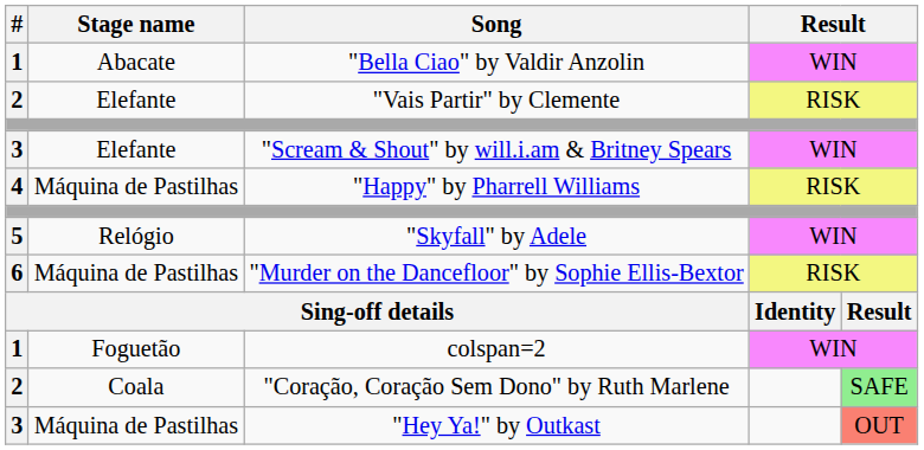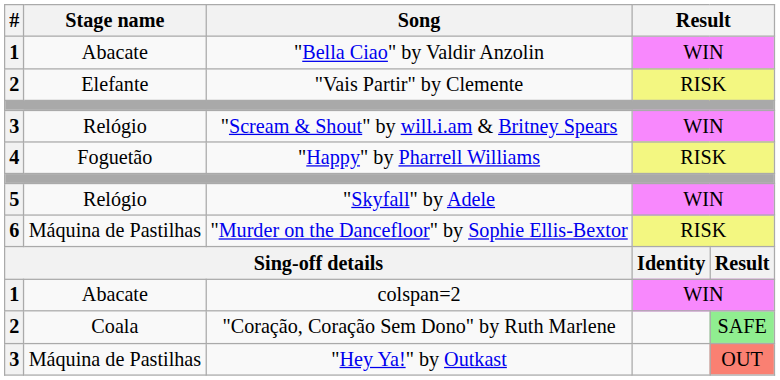 <table class="wikitable plainrowheaders" style="text-align: center;">
 <tr>
 <th>#</th>
 <th>Stage name</th>
 <th>Song</th>
 <th colspan=2>Result</th>
 </tr>
 <tr>
 <th>1</th>
 <td>Abacate</td>
 <td>"<a href='#'>Bella Ciao</a>" by Valdir Anzolin</td>
 <td colspan=2 bgcolor="#F888FD">WIN</td>
 </tr>
 <tr>
 <th>2</th>
 <td>Elefante</td>
 <td>"Vais Partir" by Clemente</td>
 <td colspan=2 bgcolor="#F3F781">RISK</td>
 </tr>
 <tr>
 <td colspan="5" style="background:darkgray"></td>
 </tr>
 <tr>
 <th>3</th>
-<td>Elefante</td>
+<td>Relógio</td>
 <td>"<a href='#'>Scream & Shout</a>" by <a href='#'>will.i.am</a> & <a href='#'>Britney Spears</a></td>
 <td colspan=2 bgcolor="#F888FD">WIN</td>
 </tr>
 <tr>
 <th>4</th>
-<td>Máquina de Pastilhas</td>
+<td>Foguetão</td>
 <td>"<a href='#'>Happy</a>" by <a href='#'>Pharrell Williams</a></td>
 <td colspan=2 bgcolor="#F3F781">RISK</td>
 </tr>
 <tr>
 <td colspan="5" style="background:darkgray"></td>
 </tr>
 <tr>
 <th>5</th>
 <td>Relógio</td>
 <td>"<a href='#'>Skyfall</a>" by <a href='#'>Adele</a></td>
 <td colspan=2 bgcolor="#F888FD">WIN</td>
 </tr>
 <tr>
 <th>6</th>
 <td>Máquina de Pastilhas</td>
 <td>"<a href='#'>Murder on the Dancefloor</a>" by <a href='#'>Sophie Ellis-Bextor</a></td>
 <td colspan=2 bgcolor="#F3F781">RISK</td>
 </tr>
 <tr>
 <th colspan="3">Sing-off details</th>
 <th>Identity</th>
 <th>Result</th>
 </tr>
 <tr>
 <th>1</th>
-<td>Foguetão</td>
+<td>Abacate</td>
 <td>colspan=2 </td>
 <td colspan=2 bgcolor="#F888FD">WIN</td>
 </tr>
 <tr>
 <th>2</th>
 <td>Coala</td>
 <td>"Coração, Coração Sem Dono" by Ruth Marlene</td>
 <td></td>
 <td bgcolor=lightgreen>SAFE</td>
 </tr>
 <tr>
 <th>3</th>
 <td>Máquina de Pastilhas</td>
 <td>"<a href='#'>Hey Ya!</a>" by <a href='#'>Outkast</a></td>
 <td></td>
 <td bgcolor="salmon">OUT</td>
 </tr>
 </table>
